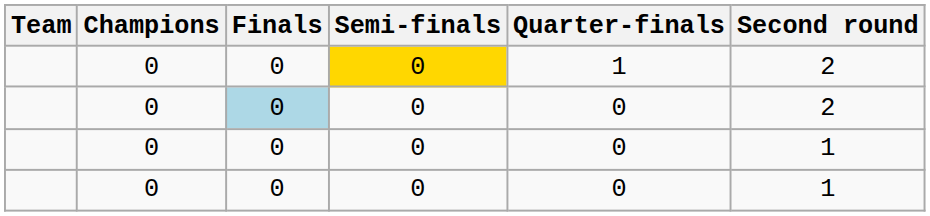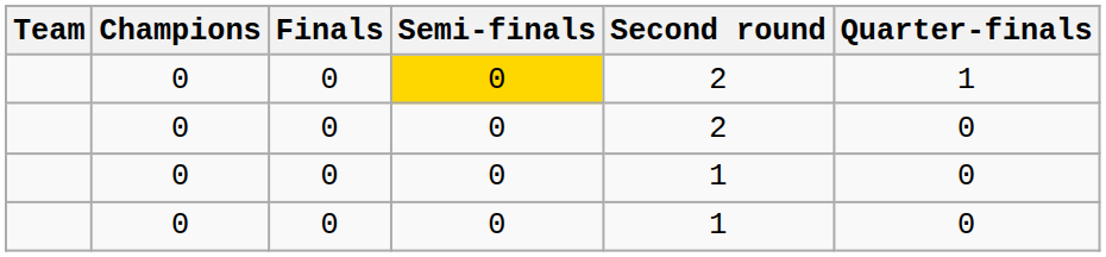 <table class="wikitable sortable" style="text-align:center">
 <tr>
 <th>Team</th>
 <th>Champions</th>
 <th>Finals</th>
 <th>Semi-finals</th>
+<th>Second round</th>
 <th>Quarter-finals</th>
-<th>Second round</th>
 </tr>
 <tr>
 <td align=left></td>
 <td>0</td>
 <td>0</td>
 <td style="background: gold;">0</td>
-<td>1</td>
 <td>2</td>
-</tr>
-<tr>
-<td align=left></td>
-<td>0</td>
-<td style="background: lightblue;">0</td>
-<td>0</td>
-<td>0</td>
-<td>2</td>
-</tr>
-<tr>
-<td align=left></td>
-<td>0</td>
-<td>0</td>
-<td>0</td>
-<td>0</td>
 <td>1</td>
 </tr>
 <tr>
 <td align=left></td>
 <td>0</td>
 <td>0</td>
 <td>0</td>
+<td>2</td>
+<td>0</td>
+</tr>
+<tr>
+<td align=left></td>
+<td>0</td>
+<td>0</td>
 <td>0</td>
 <td>1</td>
+<td>0</td>
+</tr>
+<tr>
+<td align=left></td>
+<td>0</td>
+<td>0</td>
+<td>0</td>
+<td>1</td>
+<td>0</td>
 </tr>
 </table>
